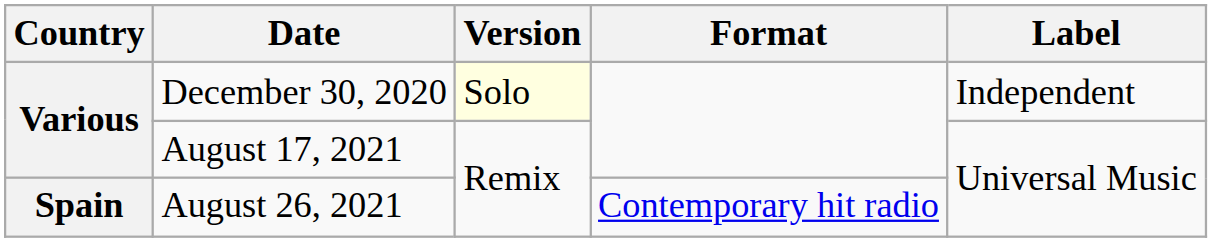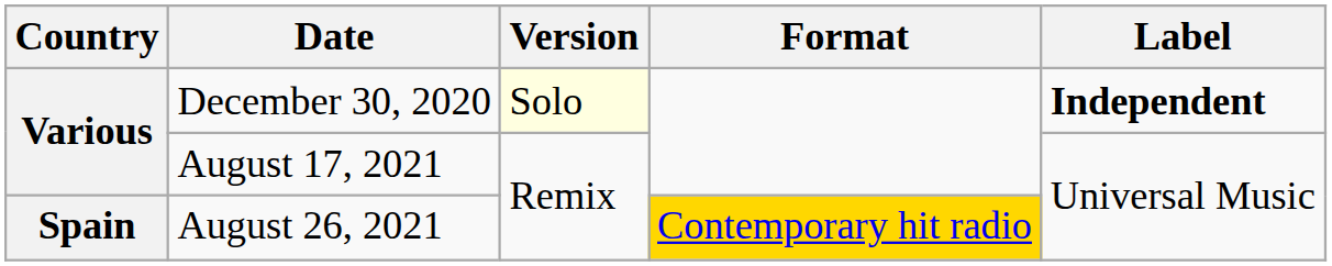 <table class="wikitable plainrowheaders">
 <tr>
 <th>Country</th>
 <th>Date</th>
 <th>Version</th>
 <th>Format</th>
 <th>Label</th>
 </tr>
 <tr>
 <th rowspan="2" scope="row">Various</th>
 <td>December 30, 2020</td>
 <td style="background: lightyellow;">Solo</td>
 <td rowspan="2"></td>
-<td>Independent</td>
+<td><strong>Independent</strong></td>
 </tr>
 <tr>
 <td>August 17, 2021</td>
 <td rowspan="2">Remix</td>
 <td rowspan="2">Universal Music</td>
 </tr>
 <tr>
 <th scope="row">Spain</th>
 <td>August 26, 2021</td>
-<td><a href='#'>Contemporary hit radio</a></td>
+<td style="background: gold;"><a href='#'>Contemporary hit radio</a></td>
 </tr>
 </table>
